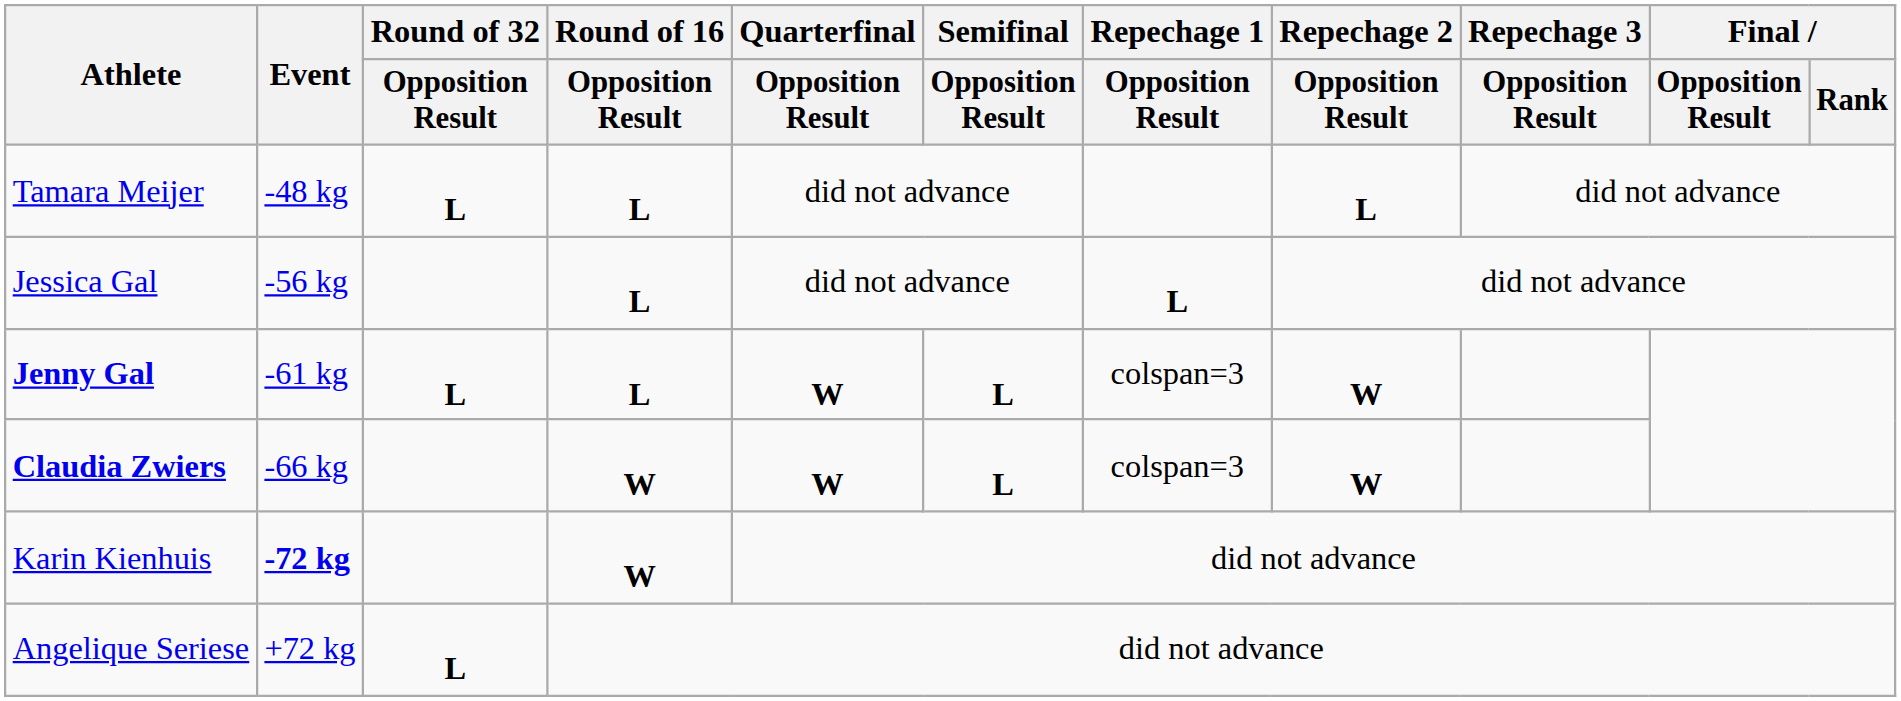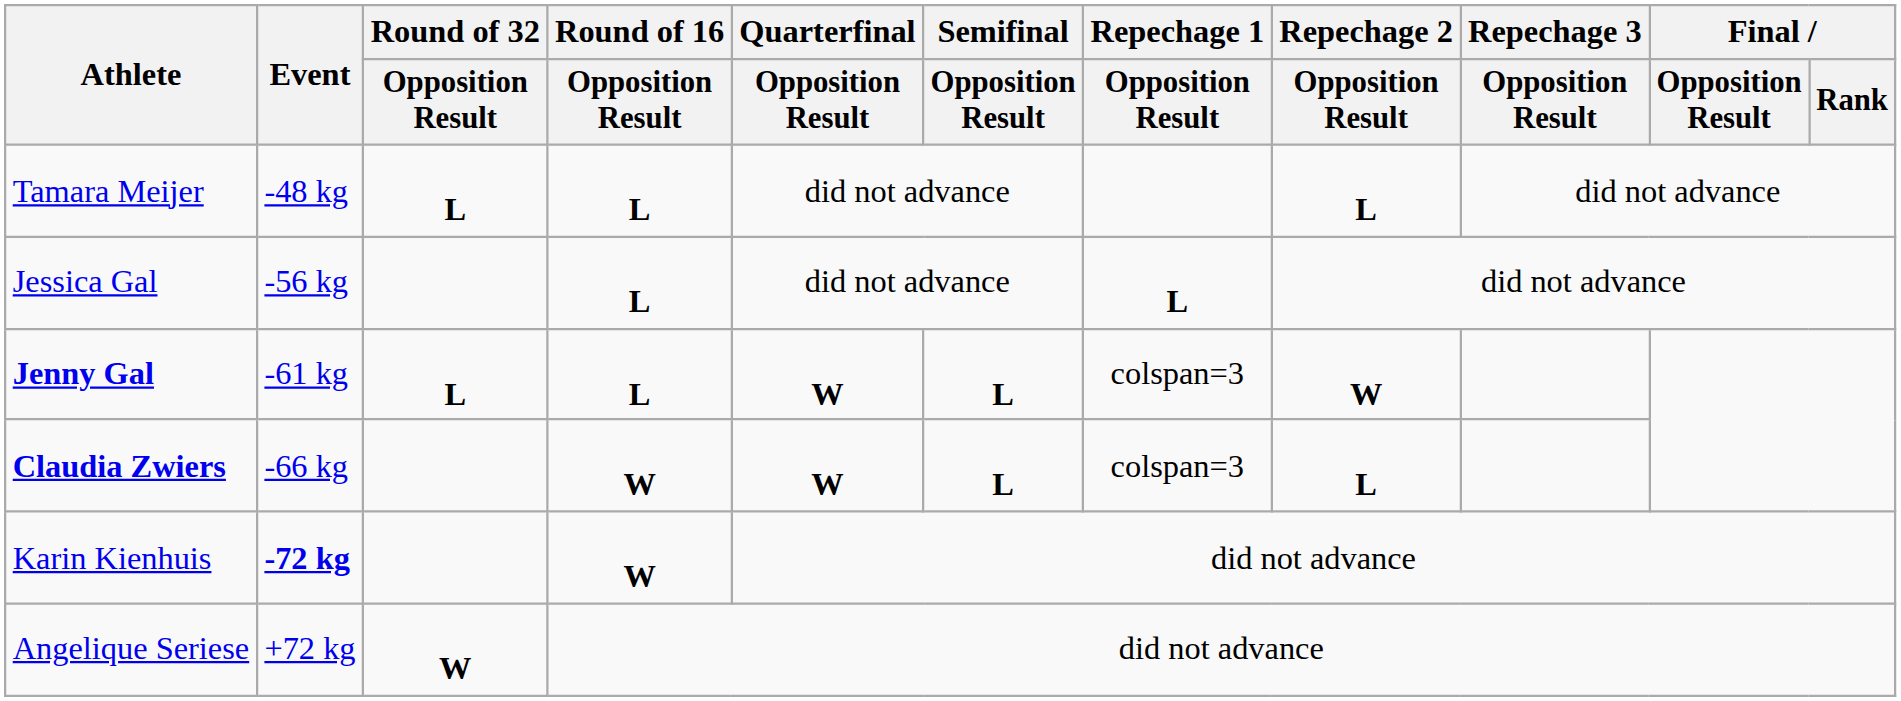 <table class=wikitable style=font-size:90%;text-align:center>
 <tr>
 <th rowspan=2>Athlete</th>
 <th rowspan=2>Event</th>
 <th>Round of 32</th>
 <th>Round of 16</th>
 <th>Quarterfinal</th>
 <th>Semifinal</th>
 <th>Repechage 1</th>
 <th>Repechage 2</th>
 <th>Repechage 3</th>
 <th colspan=2>Final / </th>
 </tr>
 <tr style=font-size:95%>
 <th>Opposition<br>Result</th>
 <th>Opposition<br>Result</th>
 <th>Opposition<br>Result</th>
 <th>Opposition<br>Result</th>
 <th>Opposition<br>Result</th>
 <th>Opposition<br>Result</th>
 <th>Opposition<br>Result</th>
 <th>Opposition<br>Result</th>
 <th>Rank</th>
 </tr>
 <tr>
 <td align=left><a href='#'>Tamara Meijer</a></td>
 <td align=left><a href='#'>-48 kg</a></td>
 <td><br><strong>L</strong></td>
 <td><br><strong>L</strong></td>
 <td colspan=2>did not advance</td>
 <td></td>
 <td><br><strong>L</strong></td>
 <td colspan=3>did not advance</td>
 </tr>
 <tr>
 <td align=left><a href='#'>Jessica Gal</a></td>
 <td align=left><a href='#'>-56 kg</a></td>
 <td></td>
 <td><br><strong>L</strong></td>
 <td colspan=2>did not advance</td>
 <td><br><strong>L</strong></td>
 <td colspan=4>did not advance</td>
 </tr>
 <tr>
 <td align=left><strong><a href='#'>Jenny Gal</a></strong></td>
 <td align=left><a href='#'>-61 kg</a></td>
 <td><br><strong>L</strong></td>
 <td><br><strong>L</strong></td>
 <td><br><strong>W</strong></td>
 <td><br><strong>L</strong></td>
 <td>colspan=3 </td>
 <td><br><strong>W</strong></td>
 <td></td>
 </tr>
 <tr>
 <td align=left><strong><a href='#'>Claudia Zwiers</a></strong></td>
 <td align=left><a href='#'>-66 kg</a></td>
 <td></td>
 <td><br><strong>W</strong></td>
 <td><br><strong>W</strong></td>
 <td><br><strong>L</strong></td>
 <td>colspan=3 </td>
-<td><br><strong>W</strong></td>
+<td><br><strong>L</strong></td>
 <td></td>
 </tr>
 <tr>
 <td align=left><a href='#'>Karin Kienhuis</a></td>
 <td align=left><strong><a href='#'>-72 kg</a></strong></td>
 <td></td>
 <td><br><strong>W</strong></td>
 <td colspan=7>did not advance</td>
 </tr>
 <tr>
 <td align=left><a href='#'>Angelique Seriese</a></td>
 <td align=left><a href='#'>+72 kg</a></td>
-<td><br><strong>L</strong></td>
+<td><br><strong>W</strong></td>
 <td colspan=8>did not advance</td>
 </tr>
 </table>
